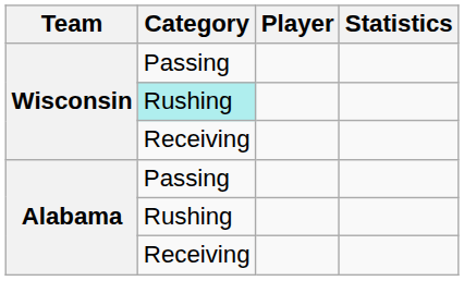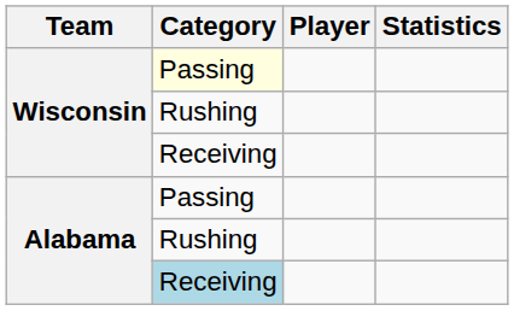 <table class="wikitable" style="float:right">
 <tr>
 <th>Team</th>
 <th>Category</th>
 <th>Player</th>
 <th>Statistics</th>
 </tr>
 <tr>
 <th rowspan=3>Wisconsin</th>
-<td>Passing</td>
+<td style="background: lightyellow;">Passing</td>
 <td></td>
 <td></td>
 </tr>
 <tr>
-<td style="background: paleturquoise;">Rushing</td>
+<td>Rushing</td>
 <td></td>
 <td></td>
 </tr>
 <tr>
 <td>Receiving</td>
 <td></td>
 <td></td>
 </tr>
 <tr>
 <th rowspan=3>Alabama</th>
 <td>Passing</td>
 <td></td>
 <td></td>
 </tr>
 <tr>
 <td>Rushing</td>
 <td></td>
 <td></td>
 </tr>
 <tr>
-<td>Receiving</td>
+<td style="background: lightblue;">Receiving</td>
 <td></td>
 <td></td>
 </tr>
 </table>
